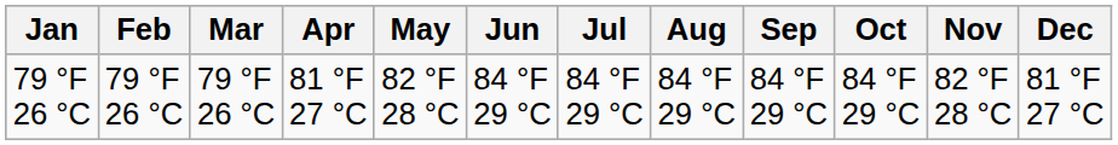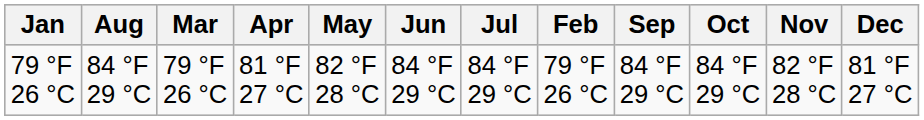 <table class="wikitable">
 <tr>
 <th><strong>Jan</strong></th>
-<th><strong>Feb</strong></th>
+<th><strong>Aug</strong></th>
 <th><strong>Mar</strong></th>
 <th><strong>Apr</strong></th>
 <th><strong>May</strong></th>
 <th><strong>Jun</strong></th>
 <th><strong>Jul</strong></th>
-<th><strong>Aug</strong></th>
+<th><strong>Feb</strong></th>
 <th><strong>Sep</strong></th>
 <th><strong>Oct</strong></th>
 <th><strong>Nov</strong></th>
 <th><strong>Dec</strong></th>
 </tr>
 <tr>
 <td>79 °F<br>26 °C</td>
-<td>79 °F<br>26 °C</td>
+<td>84 °F<br>29 °C</td>
 <td>79 °F<br>26 °C</td>
 <td>81 °F<br>27 °C</td>
 <td>82 °F<br>28 °C</td>
 <td>84 °F<br>29 °C</td>
 <td>84 °F<br>29 °C</td>
-<td>84 °F<br>29 °C</td>
+<td>79 °F<br>26 °C</td>
 <td>84 °F<br>29 °C</td>
 <td>84 °F<br>29 °C</td>
 <td>82 °F<br>28 °C</td>
 <td>81 °F<br>27 °C</td>
 </tr>
 </table>
